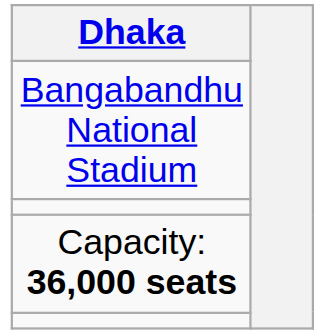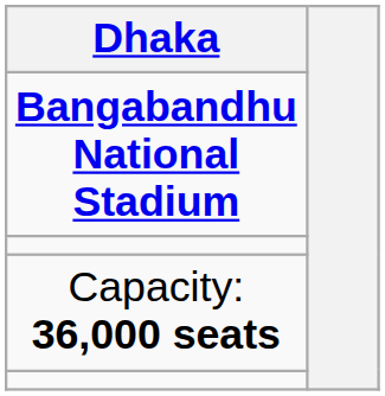 <table class="wikitable" style="text-align:center;margin:1em auto;">
 <tr>
 <th width="20px"><a href='#'>Dhaka</a></th>
 <th width="20px" rowspan=5></th>
 </tr>
 <tr>
-<td><a href='#'>Bangabandhu National Stadium</a></td>
+<td><strong><a href='#'>Bangabandhu National Stadium</a></strong></td>
 </tr>
 <tr>
 <td></td>
 </tr>
 <tr>
 <td>Capacity: <strong>36,000 seats</strong></td>
 </tr>
 <tr>
 <td></td>
 </tr>
 </table>
